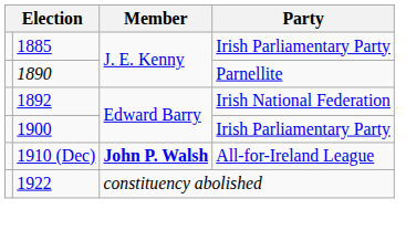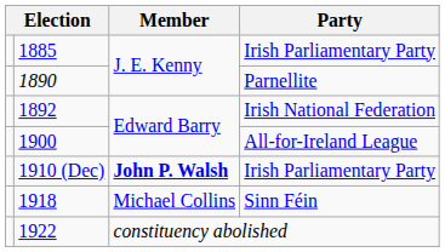 <table class="wikitable">
 <tr>
 <th colspan="2">Election</th>
 <th>Member</th>
 <th>Party</th>
 </tr>
 <tr>
 <td style="color:inherit;background-color: "></td>
 <td><a href='#'>1885</a></td>
 <td rowspan="2"><a href='#'>J. E. Kenny</a></td>
 <td><a href='#'>Irish Parliamentary Party</a></td>
 </tr>
 <tr>
 <td style="color:inherit;background-color: "></td>
 <td><em>1890</em></td>
 <td><a href='#'>Parnellite</a></td>
 </tr>
 <tr>
 <td style="color:inherit;background-color: "></td>
 <td><a href='#'>1892</a></td>
 <td rowspan="2"><a href='#'>Edward Barry</a></td>
 <td><a href='#'>Irish National Federation</a></td>
 </tr>
 <tr>
 <td style="color:inherit;background-color: "></td>
 <td><a href='#'>1900</a></td>
-<td><a href='#'>Irish Parliamentary Party</a></td>
+<td><a href='#'>All-for-Ireland League</a></td>
 </tr>
 <tr>
 <td style="color:inherit;background-color: "></td>
 <td><a href='#'>1910 (Dec)</a></td>
 <td><strong><a href='#'>John P. Walsh</a></strong></td>
-<td><a href='#'>All-for-Ireland League</a></td>
+<td><a href='#'>Irish Parliamentary Party</a></td>
+</tr>
+<tr>
+<td style="color:inherit;background-color: "></td>
+<td><a href='#'>1918</a></td>
+<td><a href='#'>Michael Collins</a></td>
+<td><a href='#'>Sinn Féin</a></td>
 </tr>
 <tr>
 <td></td>
 <td><a href='#'>1922</a></td>
 <td colspan="2"><em>constituency abolished</em></td>
 </tr>
 </table>
